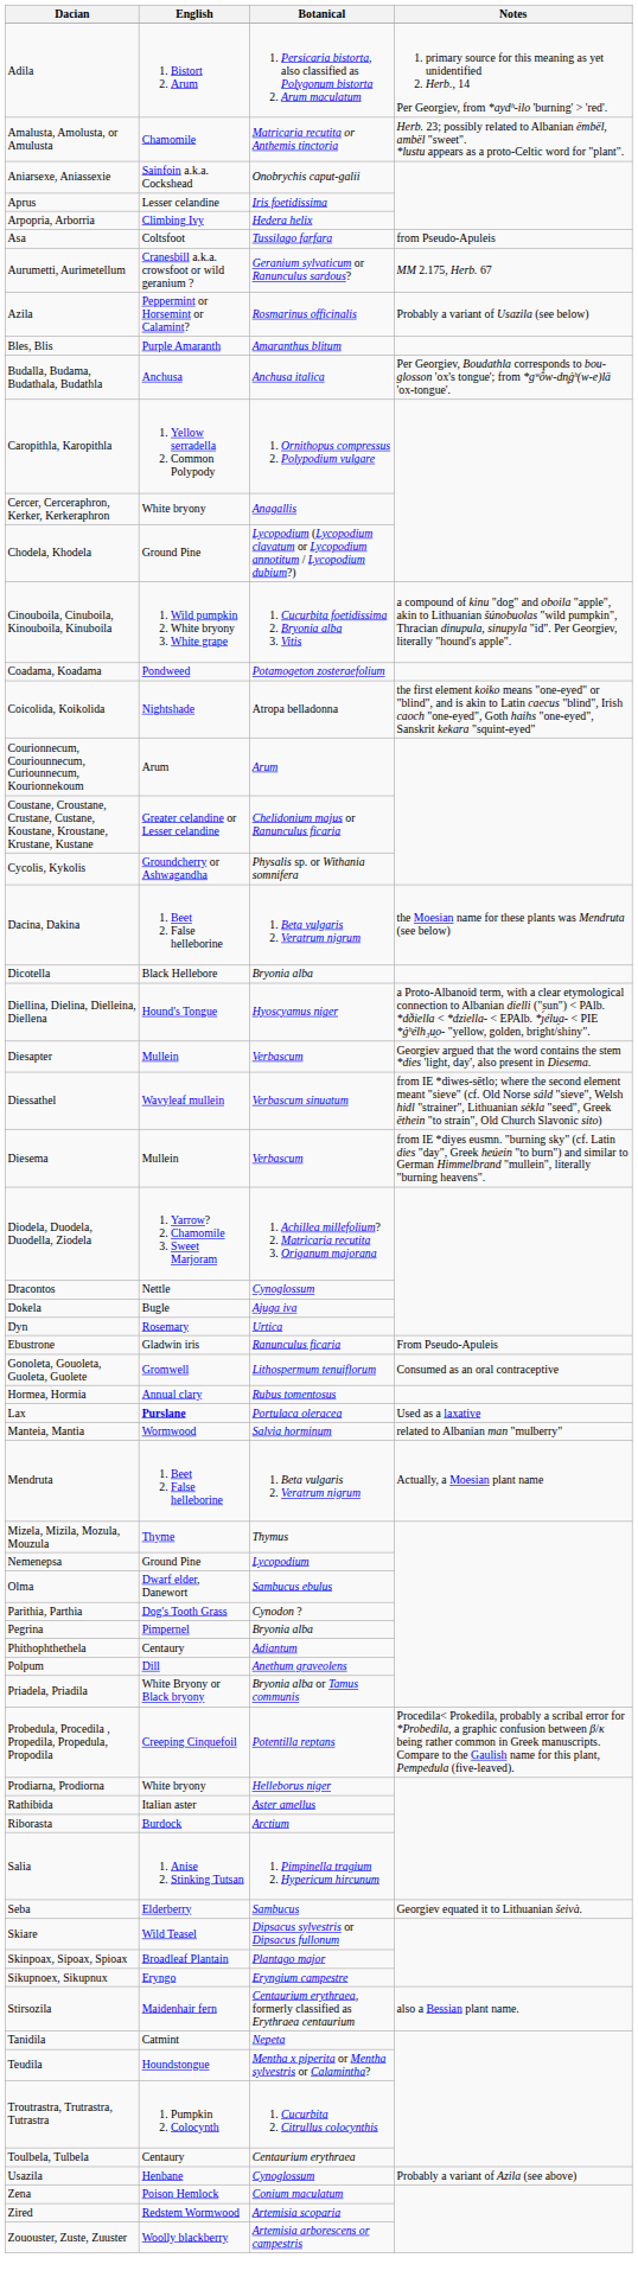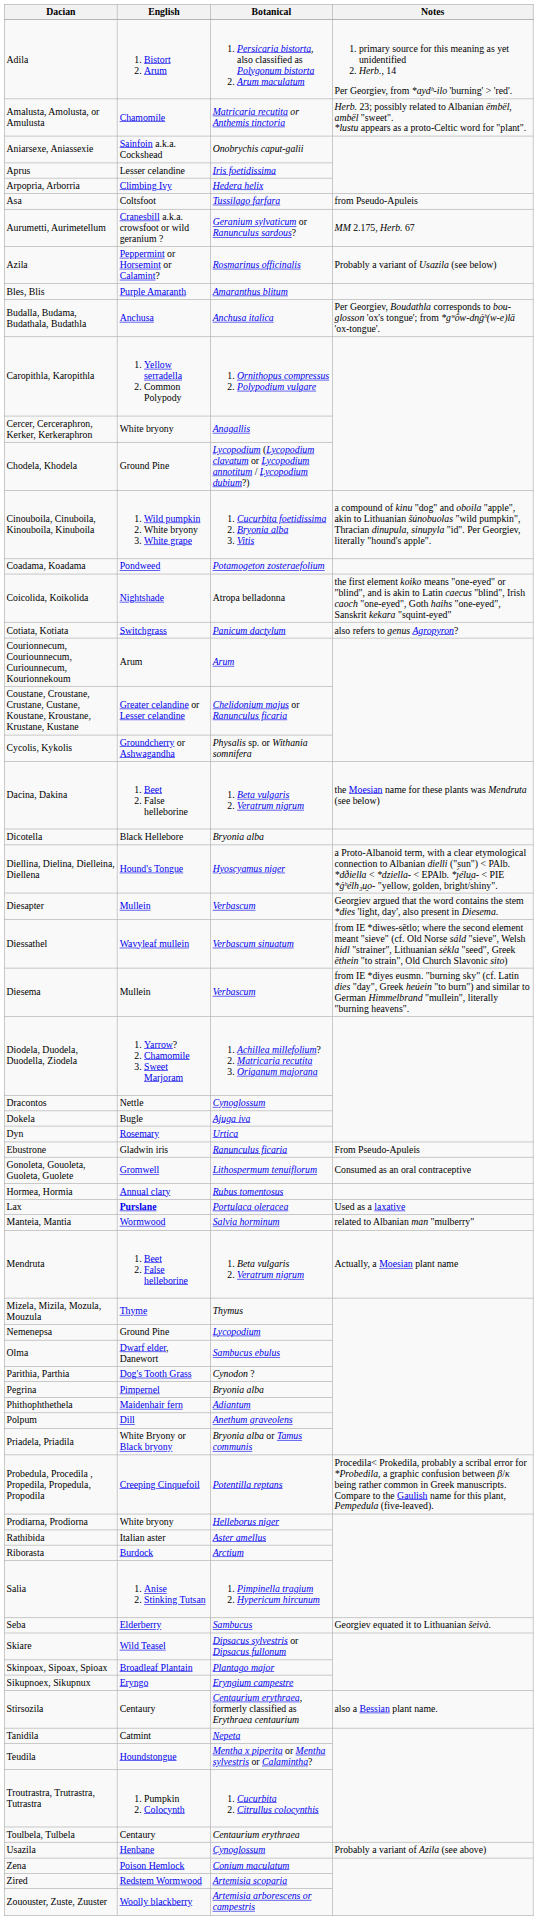 <table class="wikitable sortable">
 <tr>
 <th>Dacian</th>
 <th>English</th>
 <th>Botanical</th>
 <th>Notes</th>
 </tr>
 <tr>
 </tr>
 <tr>
 <td>Adila</td>
 <td><br><ol><li><a href='#'>Bistort</a> </li><li><a href='#'>Arum</a> </li></ol></td>
 <td><br><ol><li><em><a href='#'>Persicaria bistorta</a></em>, also classified as <em><a href='#'>Polygonum bistorta</a></em> </li><li><em><a href='#'>Arum maculatum</a></em> </li></ol></td>
 <td><br><ol><li> primary source for this meaning as yet unidentified</li><li> <em>Herb.</em>, 14</li></ol>Per Georgiev, from <em>*aydʰ-ilo</em> 'burning' > 'red'.</td>
 </tr>
 <tr>
 <td>Amalusta, Amolusta, or Amulusta</td>
 <td><a href='#'>Chamomile</a></td>
 <td><em><a href='#'>Matricaria recutita</a> or <a href='#'>Anthemis tinctoria</a></em></td>
 <td> <em>Herb.</em> 23; possibly related to Albanian <em>ëmbël, ambël</em> "sweet". <br> <em>*lustu</em> appears as a proto-Celtic word for "plant".</td>
 </tr>
 <tr>
 <td>Aniarsexe, Aniassexie</td>
 <td><a href='#'>Sainfoin</a> a.k.a. Cockshead</td>
 <td><em>Onobrychis caput-galii</em></td>
 </tr>
 <tr>
 <td>Aprus</td>
 <td>Lesser celandine</td>
 <td><em><a href='#'>Iris foetidissima</a></em></td>
 </tr>
 <tr>
 <td>Arpopria, Arborria</td>
 <td><a href='#'>Climbing Ivy</a></td>
 <td><em><a href='#'>Hedera helix</a></em></td>
 </tr>
 <tr>
 <td>Asa</td>
 <td>Coltsfoot</td>
 <td><em><a href='#'>Tussilago farfara</a></em></td>
 <td>from Pseudo-Apuleis</td>
 </tr>
 <tr>
 <td>Aurumetti, Aurimetellum</td>
 <td><a href='#'>Cranesbill</a> a.k.a. crowsfoot or  wild geranium ?</td>
 <td><em><a href='#'>Geranium sylvaticum</a></em> or <em><a href='#'>Ranunculus sardous</a></em>?</td>
 <td><em>MM</em> 2.175, <em>Herb.</em> 67</td>
 </tr>
 <tr>
 <td>Azila</td>
 <td><a href='#'>Peppermint</a> or <a href='#'>Horsemint</a> or <a href='#'>Calamint</a>?</td>
 <td><em><a href='#'>Rosmarinus officinalis</a></em></td>
 <td>Probably a variant of <em>Usazila</em> (see below)</td>
 </tr>
 <tr>
 <td>Bles, Blis</td>
 <td><a href='#'>Purple Amaranth</a></td>
 <td><em><a href='#'>Amaranthus blitum</a></em></td>
 </tr>
 <tr>
 <td>Budalla, Budama, Budathala, Budathla</td>
 <td><a href='#'>Anchusa</a></td>
 <td><em><a href='#'>Anchusa italica</a></em></td>
 <td>Per Georgiev, <em>Boudathla</em> corresponds to <em>bou-glosson</em> 'ox's tongue'; from <em>*gʷṓw-dn̥ǵʰ(w-e)lä</em> 'ox-tongue'.</td>
 </tr>
 <tr>
 <td>Caropithla, Karopithla</td>
 <td><br><ol><li><a href='#'>Yellow serradella</a></li><li>Common Polypody</li></ol></td>
 <td><br><ol><li><em><a href='#'>Ornithopus compressus</a></em></li><li><em><a href='#'>Polypodium vulgare</a></em></li></ol></td>
 </tr>
 <tr>
 <td>Cercer, Cerceraphron, Kerker, Kerkeraphron</td>
 <td>White bryony</td>
 <td><em><a href='#'>Anagallis</a></em></td>
 </tr>
 <tr>
 <td>Chodela, Khodela</td>
 <td>Ground Pine</td>
 <td><em><a href='#'>Lycopodium</a></em> (<em><a href='#'>Lycopodium clavatum</a></em> or <em><a href='#'>Lycopodium annotitum</a></em> / <em><a href='#'>Lycopodium dubium</a></em>?)</td>
 </tr>
 <tr>
 <td>Cinouboila, Cinuboila, Kinouboila, Kinuboila</td>
 <td><br><ol><li><a href='#'>Wild pumpkin</a></li><li>White bryony</li><li><a href='#'>White grape</a></li></ol></td>
 <td><br><ol><li><em><a href='#'>Cucurbita foetidissima</a></em></li><li><em><a href='#'>Bryonia alba</a></em></li><li><em><a href='#'>Vitis</a></em></li></ol></td>
 <td>a compound of <em>kinu</em> "dog" and <em>oboila</em> "apple", akin to Lithuanian <em>šúnobuolas</em> "wild pumpkin", Thracian <em>dinupula, sinupyla</em> "id". Per Georgiev, literally "hound's apple".</td>
 </tr>
 <tr>
 <td>Coadama, Koadama</td>
 <td><a href='#'>Pondweed</a></td>
 <td><em><a href='#'>Potamogeton zosteraefolium</a></em></td>
 </tr>
 <tr>
 <td>Coicolida, Koikolida</td>
 <td><a href='#'>Nightshade</a></td>
 <td>Atropa belladonna</td>
 <td>the first element <em>koiko</em> means "one-eyed" or "blind", and is akin to Latin <em>caecus</em> "blind", Irish <em>caoch</em> "one-eyed", Goth <em>haihs</em> "one-eyed", Sanskrit <em>kekara</em> "squint-eyed"</td>
+</tr>
+<tr>
+<td>Cotiata, Kotiata</td>
+<td><a href='#'>Switchgrass</a></td>
+<td><em><a href='#'>Panicum dactylum</a></em></td>
+<td>also refers to <em>genus <a href='#'>Agropyron</a></em>?</td>
 </tr>
 <tr>
 <td>Courionnecum, Couriounnecum, Curiounnecum, Kourionnekoum</td>
 <td>Arum</td>
 <td><em><a href='#'>Arum</a></em></td>
 </tr>
 <tr>
 <td>Coustane, Croustane, Crustane, Custane, Koustane, Kroustane, Krustane, Kustane</td>
 <td><a href='#'>Greater celandine</a> or <a href='#'>Lesser celandine</a></td>
 <td><em><a href='#'>Chelidonium majus</a></em> or <em><a href='#'>Ranunculus ficaria</a></em></td>
 </tr>
 <tr>
 <td>Cycolis, Kykolis</td>
 <td><a href='#'>Groundcherry</a> or <a href='#'>Ashwagandha</a></td>
 <td><em>Physalis</em> sp. or <em>Withania somnifera</em></td>
 </tr>
 <tr>
 <td>Dacina, Dakina</td>
 <td><br><ol><li><a href='#'>Beet</a></li><li>False helleborine</li></ol></td>
 <td><br><ol><li><em><a href='#'>Beta vulgaris</a></em></li><li><em><a href='#'>Veratrum nigrum</a></em></li></ol></td>
 <td>the <a href='#'>Moesian</a> name for these plants was <em>Mendruta</em> (see below)</td>
 </tr>
 <tr>
 <td>Dicotella</td>
 <td>Black Hellebore</td>
 <td><em>Bryonia alba</em></td>
 </tr>
 <tr>
 <td>Diellina, Dielina, Dielleina, Diellena</td>
 <td><a href='#'>Hound's Tongue</a></td>
 <td><em><a href='#'>Hyoscyamus niger</a></em></td>
 <td>a Proto-Albanoid term, with a clear etymological connection to Albanian <em>dielli</em> ("sun") < PAlb. <em>*dðiella</em> < <em>*dziella-</em> < EPAlb. <em>*ȷ́élu̯a-</em> < PIE <em>*ǵʰélh₃u̯o-</em> "yellow, golden, bright/shiny".</td>
 </tr>
 <tr>
 <td>Diesapter</td>
 <td><a href='#'>Mullein</a></td>
 <td><em><a href='#'>Verbascum</a></em></td>
 <td>Georgiev argued that the word contains the stem <em>*dies</em> 'light, day', also present in <em>Diesema</em>.</td>
 </tr>
 <tr>
 <td>Diessathel</td>
 <td><a href='#'>Wavyleaf mullein</a></td>
 <td><em><a href='#'>Verbascum sinuatum</a></em></td>
 <td>from IE *diwes-sētlo; where the second element meant "sieve" (cf. Old Norse <em>sáld</em> "sieve", Welsh <em>hidl</em> "strainer", Lithuanian <em>sėkla</em> "seed", Greek <em>ēthein</em> "to strain", Old Church Slavonic <em>sito</em>)</td>
 </tr>
 <tr>
 <td>Diesema</td>
 <td>Mullein</td>
 <td><em><a href='#'>Verbascum</a></em></td>
 <td>from IE *diyes eusmn. "burning sky" (cf. Latin <em>dies</em> "day", Greek <em>heúein</em> "to burn") and similar to German <em>Himmelbrand</em> "mullein", literally "burning heavens".</td>
 </tr>
 <tr>
 <td>Diodela, Duodela, Duodella, Ziodela</td>
 <td><br><ol><li><a href='#'>Yarrow</a>?</li><li><a href='#'>Chamomile</a></li><li><a href='#'>Sweet Marjoram</a></li></ol></td>
 <td><br><ol><li><em><a href='#'>Achillea millefolium</a></em>?</li><li><em><a href='#'>Matricaria recutita</a></em></li><li><em><a href='#'>Origanum majorana</a></em></li></ol></td>
 </tr>
 <tr>
 <td>Dracontos</td>
 <td>Nettle</td>
 <td><em><a href='#'>Cynoglossum</a></em></td>
 </tr>
 <tr>
 <td>Dokela</td>
 <td>Bugle</td>
 <td><em><a href='#'>Ajuga iva</a></em></td>
 </tr>
 <tr>
 <td>Dyn</td>
 <td><a href='#'>Rosemary</a></td>
 <td><em><a href='#'>Urtica</a></em></td>
 </tr>
 <tr>
 <td>Ebustrone</td>
 <td>Gladwin iris</td>
 <td><em><a href='#'>Ranunculus ficaria</a></em></td>
 <td>From Pseudo-Apuleis</td>
 </tr>
 <tr>
 <td>Gonoleta, Gouoleta, Guoleta, Guolete</td>
 <td><a href='#'>Gromwell</a></td>
 <td><em><a href='#'>Lithospermum tenuiflorum</a></em></td>
 <td>Consumed as an oral contraceptive</td>
 </tr>
 <tr>
 <td>Hormea, Hormia</td>
 <td><a href='#'>Annual clary</a></td>
 <td><em><a href='#'>Rubus tomentosus</a></em></td>
 </tr>
 <tr>
 <td>Lax</td>
 <td><strong><a href='#'>Purslane</a></strong></td>
 <td><em><a href='#'>Portulaca oleracea</a></em></td>
 <td>Used as a <a href='#'>laxative</a></td>
 </tr>
 <tr>
 <td>Manteia, Mantia</td>
 <td><a href='#'>Wormwood</a></td>
 <td><em><a href='#'>Salvia horminum</a></em></td>
 <td>related to Albanian <em>man</em> "mulberry"</td>
 </tr>
 <tr>
 <td>Mendruta</td>
 <td><br><ol><li><a href='#'>Beet</a></li><li><a href='#'>False helleborine</a></li></ol></td>
 <td><br><ol><li><em>Beta vulgaris</em></li><li><em><a href='#'>Veratrum nigrum</a></em></li></ol></td>
 <td>Actually, a <a href='#'>Moesian</a> plant name</td>
 </tr>
 <tr>
 <td>Mizela, Mizila, Mozula, Mouzula</td>
 <td><a href='#'>Thyme</a></td>
 <td><em>Thymus</em></td>
 </tr>
 <tr>
 <td>Nemenepsa</td>
 <td>Ground Pine</td>
 <td><em><a href='#'>Lycopodium</a></em></td>
 </tr>
 <tr>
 <td>Olma</td>
 <td><a href='#'>Dwarf elder</a>, Danewort</td>
 <td><em><a href='#'>Sambucus ebulus</a></em></td>
 </tr>
 <tr>
 <td>Parithia, Parthia</td>
 <td><a href='#'>Dog's Tooth Grass</a></td>
 <td><em>Cynodon</em> ?</td>
 </tr>
 <tr>
 <td>Pegrina</td>
 <td><a href='#'>Pimpernel</a></td>
 <td><em>Bryonia alba</em></td>
 </tr>
 <tr>
 <td>Phithophthethela</td>
-<td>Centaury</td>
+<td><a href='#'>Maidenhair fern</a></td>
 <td><em><a href='#'>Adiantum</a></em></td>
 </tr>
 <tr>
 <td>Polpum</td>
 <td><a href='#'>Dill</a></td>
 <td><em><a href='#'>Anethum graveolens</a></em></td>
 </tr>
 <tr>
 <td>Priadela, Priadila</td>
 <td>White Bryony or <a href='#'>Black bryony</a></td>
 <td><em>Bryonia alba</em> or <em><a href='#'>Tamus communis</a></em></td>
 </tr>
 <tr>
 <td>Probedula, Procedila , Propedila, Propedula, Propodila</td>
 <td><a href='#'>Creeping Cinquefoil</a></td>
 <td><em><a href='#'>Potentilla reptans</a></em></td>
 <td> Procedila< Prokedila, probably a scribal error for <em>*Probedila</em>, a graphic confusion between <em>β</em>/<em>κ</em> being rather common in Greek manuscripts. Compare to the <a href='#'>Gaulish</a> name for this plant, <em>Pempedula</em> (five-leaved).</td>
 </tr>
 <tr>
 <td>Prodiarna, Prodiorna</td>
 <td>White bryony</td>
 <td><em><a href='#'>Helleborus niger</a></em></td>
 </tr>
 <tr>
 <td>Rathibida</td>
 <td>Italian aster</td>
 <td><em><a href='#'>Aster amellus</a></em></td>
 </tr>
 <tr>
 <td>Riborasta</td>
 <td><a href='#'>Burdock</a></td>
 <td><em><a href='#'>Arctium</a></em></td>
 </tr>
 <tr>
 <td>Salia</td>
 <td><br><ol><li><a href='#'>Anise</a></li><li><a href='#'>Stinking Tutsan</a></li></ol></td>
 <td><br><ol><li><em><a href='#'>Pimpinella tragium</a></em></li><li><em><a href='#'>Hypericum hircunum</a></em></li></ol></td>
 </tr>
 <tr>
 <td>Seba</td>
 <td><a href='#'>Elderberry</a></td>
 <td><em><a href='#'>Sambucus</a></em></td>
 <td>Georgiev equated it to Lithuanian <em>šeivà</em>.</td>
 </tr>
 <tr>
 <td>Skiare</td>
 <td><a href='#'>Wild Teasel</a></td>
 <td><em><a href='#'>Dipsacus sylvestris</a></em> or <em><a href='#'>Dipsacus fullonum</a></em></td>
 </tr>
 <tr>
 <td>Skinpoax, Sipoax, Spioax</td>
 <td><a href='#'>Broadleaf Plantain</a></td>
 <td><em><a href='#'>Plantago major</a></em></td>
 </tr>
 <tr>
 <td>Sikupnoex, Sikupnux</td>
 <td><a href='#'>Eryngo</a></td>
 <td><em><a href='#'>Eryngium campestre</a></em></td>
 </tr>
 <tr>
 <td>Stirsozila</td>
-<td><a href='#'>Maidenhair fern</a></td>
+<td>Centaury</td>
 <td><em><a href='#'>Centaurium erythraea</a></em>, formerly classified as <em>Erythraea centaurium</em></td>
 <td>also a <a href='#'>Bessian</a> plant name.</td>
 </tr>
 <tr>
 <td>Tanidila</td>
 <td>Catmint</td>
 <td><em><a href='#'>Nepeta</a></em></td>
 </tr>
 <tr>
 <td>Teudila</td>
 <td><a href='#'>Houndstongue</a></td>
 <td><em><a href='#'>Mentha x piperita</a></em> or <em><a href='#'>Mentha sylvestris</a></em> or <em><a href='#'>Calamintha</a></em>?</td>
 </tr>
 <tr>
 <td>Troutrastra, Trutrastra, Tutrastra</td>
 <td><br><ol><li>Pumpkin</li><li><a href='#'>Colocynth</a></li></ol></td>
 <td><br><ol><li><em><a href='#'>Cucurbita</a></em></li><li><em><a href='#'>Citrullus colocynthis</a></em></li></ol></td>
 </tr>
 <tr>
 <td>Toulbela, Tulbela</td>
 <td>Centaury</td>
 <td><em>Centaurium erythraea</em></td>
 </tr>
 <tr>
 <td>Usazila</td>
 <td><a href='#'>Henbane</a></td>
 <td><em><a href='#'>Cynoglossum</a></em></td>
 <td>Probably a variant of <em>Azila</em> (see above)</td>
 </tr>
 <tr>
 <td>Zena</td>
 <td><a href='#'>Poison Hemlock</a></td>
 <td><em><a href='#'>Conium maculatum</a></em></td>
 </tr>
 <tr>
 <td>Zired</td>
 <td><a href='#'>Redstem Wormwood</a></td>
 <td><em><a href='#'>Artemisia scoparia</a></em></td>
 </tr>
 <tr>
 <td>Zououster, Zuste, Zuuster</td>
 <td><a href='#'>Woolly blackberry</a></td>
 <td><em><a href='#'>Artemisia arborescens or campestris</a></em></td>
 </tr>
 </table>
